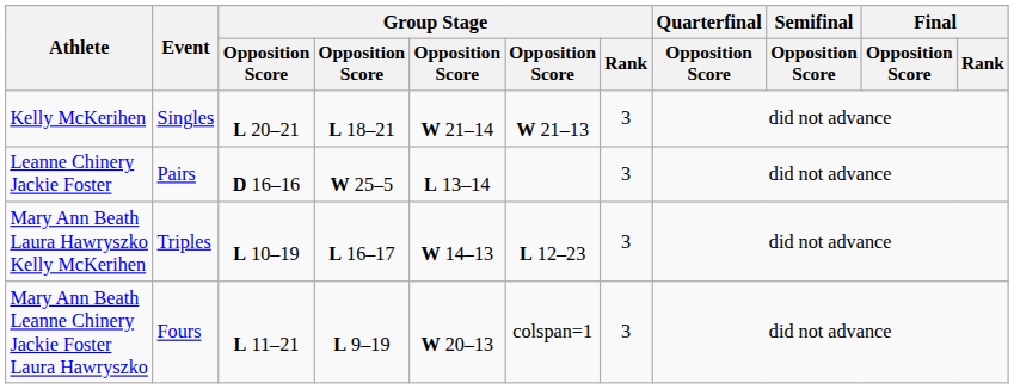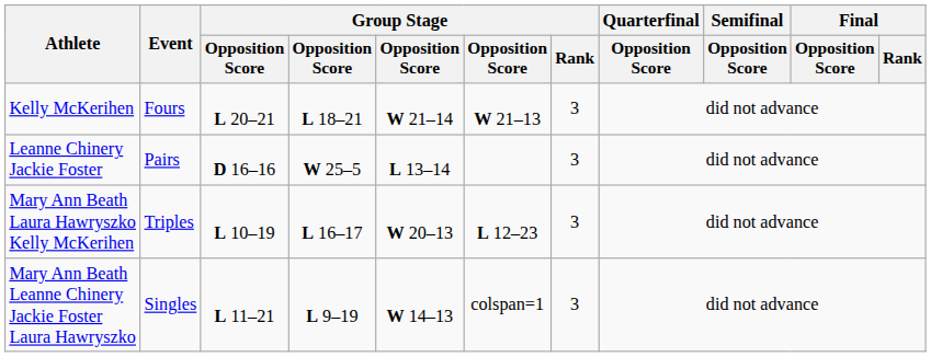 <table class="wikitable" style="font-size:88%">
 <tr>
 <th rowspan=2>Athlete</th>
 <th rowspan=2>Event</th>
 <th colspan=5>Group Stage</th>
 <th>Quarterfinal</th>
 <th>Semifinal</th>
 <th colspan=2>Final</th>
 </tr>
 <tr style="font-size:95%">
 <th>Opposition<br>Score</th>
 <th>Opposition<br>Score</th>
 <th>Opposition<br>Score</th>
 <th>Opposition<br>Score</th>
 <th>Rank</th>
 <th>Opposition<br>Score</th>
 <th>Opposition<br>Score</th>
 <th>Opposition<br>Score</th>
 <th>Rank</th>
 </tr>
 <tr align=center>
 <td align=left><a href='#'>Kelly McKerihen</a></td>
-<td align=left><a href='#'>Singles</a></td>
+<td align=left><a href='#'>Fours</a></td>
 <td><br><strong>L</strong> 20–21</td>
 <td><br><strong>L</strong> 18–21</td>
 <td><br><strong>W</strong> 21–14</td>
 <td><br><strong>W</strong> 21–13</td>
 <td>3</td>
 <td colspan="4">did not advance</td>
 </tr>
 <tr align=center>
 <td align=left><a href='#'>Leanne Chinery</a><br><a href='#'>Jackie Foster</a></td>
 <td align=left><a href='#'>Pairs</a></td>
 <td><br><strong>D</strong> 16–16</td>
 <td><br><strong>W</strong> 25–5</td>
 <td><br><strong>L</strong> 13–14</td>
 <td></td>
 <td>3</td>
 <td colspan="4">did not advance</td>
 </tr>
 <tr align=center>
 <td align=left><a href='#'>Mary Ann Beath</a><br><a href='#'>Laura Hawryszko</a><br><a href='#'>Kelly McKerihen</a></td>
 <td align=left><a href='#'>Triples</a></td>
 <td><br><strong>L</strong> 10–19</td>
 <td><br><strong>L</strong> 16–17</td>
-<td><br><strong>W</strong> 14–13</td>
+<td><br><strong>W</strong> 20–13</td>
 <td><br><strong>L</strong> 12–23</td>
 <td>3</td>
 <td colspan="4">did not advance</td>
 </tr>
 <tr align=center>
 <td align=left><a href='#'>Mary Ann Beath</a><br><a href='#'>Leanne Chinery</a><br><a href='#'>Jackie Foster</a><br><a href='#'>Laura Hawryszko</a></td>
-<td align=left><a href='#'>Fours</a></td>
+<td align=left><a href='#'>Singles</a></td>
 <td><br><strong>L</strong> 11–21</td>
 <td><br><strong>L</strong> 9–19</td>
-<td><br><strong>W</strong> 20–13</td>
+<td><br><strong>W</strong> 14–13</td>
 <td>colspan=1 </td>
 <td>3</td>
 <td colspan="4">did not advance</td>
 </tr>
 </table>
